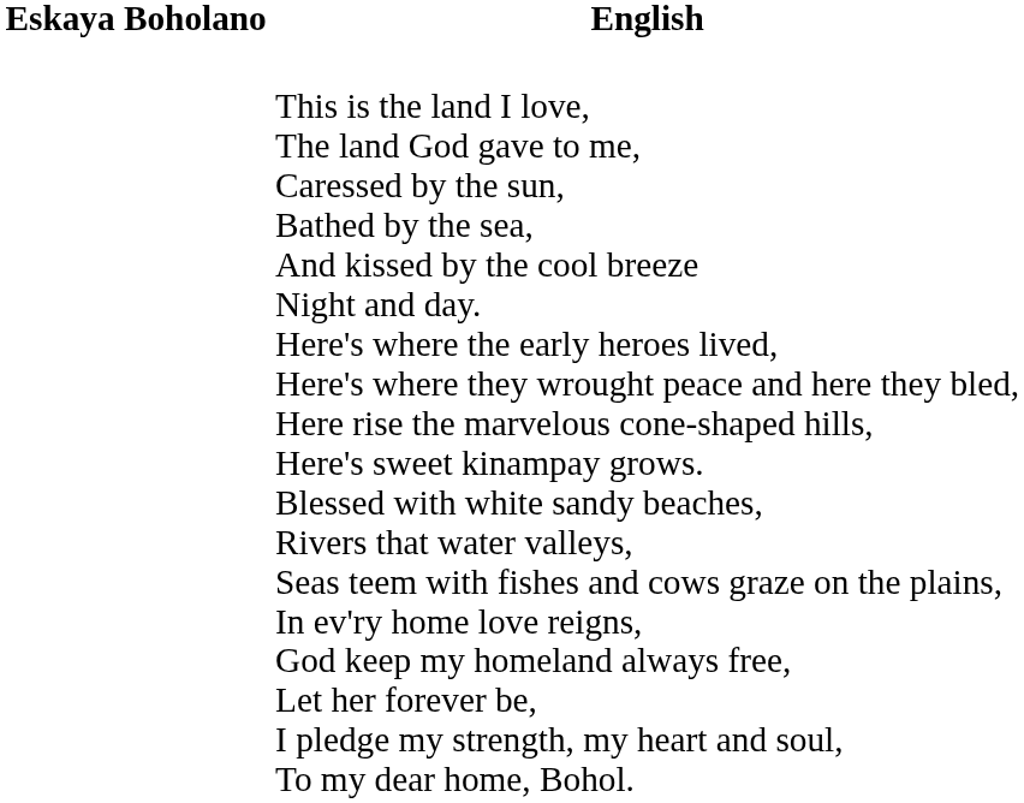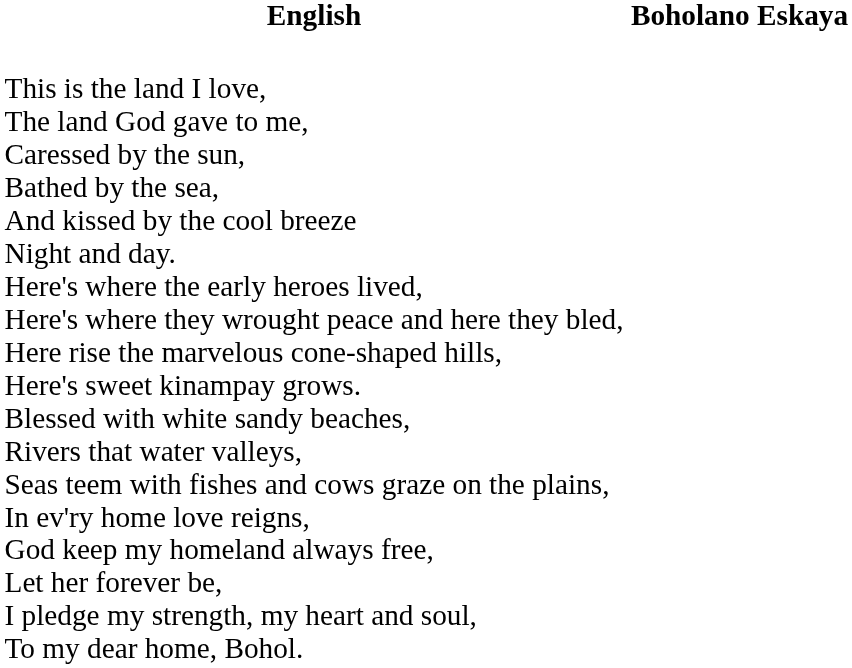 <table>
 <tr>
+<th>English</th>
+<th>Boholano</th>
 <th>Eskaya</th>
-<th>Boholano</th>
-<th>English</th>
 </tr>
 <tr>
+<td><br>This is the land I love,<br> The land God gave to me,<br> Caressed by the sun,<br> Bathed by the sea,<br> And kissed by the cool breeze<br> Night and day.<br> Here's where the early heroes lived,<br> Here's where they wrought peace and here they bled,<br> Here rise the marvelous cone-shaped hills,<br> Here's sweet kinampay grows.<br>Blessed with white sandy beaches,<br> Rivers that water valleys,<br> Seas teem with fishes and cows graze on the plains,<br> In ev'ry home love reigns,<br> God keep my homeland always free,<br> Let her forever be,<br> I pledge my strength, my heart and soul,<br> To my dear home, Bohol.</td>
 <td><br></td>
 <td><br></td>
-<td><br>This is the land I love,<br> The land God gave to me,<br> Caressed by the sun,<br> Bathed by the sea,<br> And kissed by the cool breeze<br> Night and day.<br> Here's where the early heroes lived,<br> Here's where they wrought peace and here they bled,<br> Here rise the marvelous cone-shaped hills,<br> Here's sweet kinampay grows.<br>Blessed with white sandy beaches,<br> Rivers that water valleys,<br> Seas teem with fishes and cows graze on the plains,<br> In ev'ry home love reigns,<br> God keep my homeland always free,<br> Let her forever be,<br> I pledge my strength, my heart and soul,<br> To my dear home, Bohol.</td>
 </tr>
 </table>
